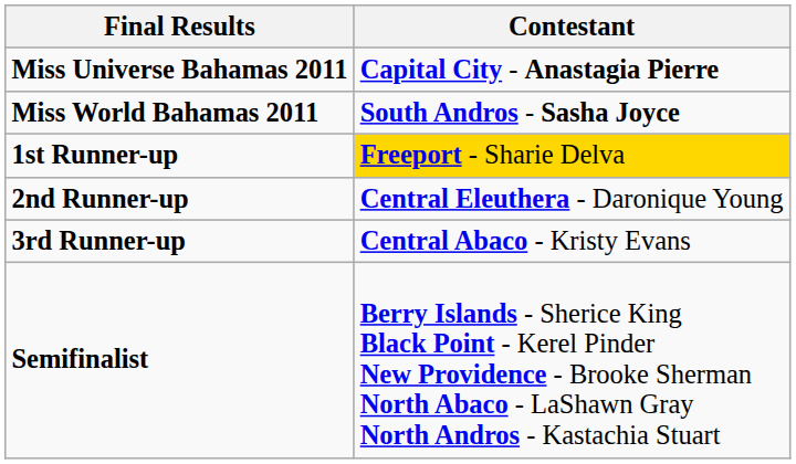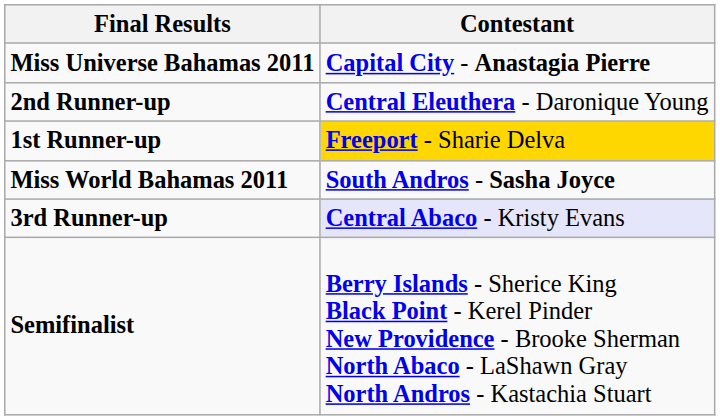 <table class="wikitable" border="1">
 <tr>
 <th>Final Results</th>
 <th>Contestant</th>
 </tr>
 <tr>
 <td><strong>Miss Universe Bahamas 2011</strong></td>
 <td><strong><a href='#'>Capital City</a></strong> - <strong>Anastagia Pierre</strong></td>
 </tr>
 <tr>
-<td><strong>Miss World Bahamas 2011</strong></td>
-<td><strong><a href='#'>South Andros</a></strong> - <strong>Sasha Joyce</strong></td>
+<td><strong>2nd Runner-up</strong></td>
+<td><strong><a href='#'>Central Eleuthera</a></strong> - Daronique Young</td>
 </tr>
 <tr>
 <td><strong>1st Runner-up</strong></td>
 <td style="background: gold;"><strong><a href='#'>Freeport</a></strong> - Sharie Delva</td>
 </tr>
 <tr>
-<td><strong>2nd Runner-up</strong></td>
-<td><strong><a href='#'>Central Eleuthera</a></strong> - Daronique Young</td>
+<td><strong>Miss World Bahamas 2011</strong></td>
+<td><strong><a href='#'>South Andros</a></strong> - <strong>Sasha Joyce</strong></td>
 </tr>
 <tr>
 <td><strong>3rd Runner-up</strong></td>
-<td><strong><a href='#'>Central Abaco</a></strong> - Kristy Evans</td>
+<td style="background: lavender;"><strong><a href='#'>Central Abaco</a></strong> - Kristy Evans</td>
 </tr>
 <tr>
 <td><strong>Semifinalist</strong></td>
 <td><br><strong><a href='#'>Berry Islands</a></strong> - Sherice King <br> <strong><a href='#'>Black Point</a></strong> - Kerel Pinder<br> <strong><a href='#'>New Providence</a></strong> - Brooke Sherman<br> <strong><a href='#'>North Abaco</a></strong> - LaShawn Gray<br> <strong><a href='#'>North Andros</a></strong> - Kastachia Stuart</td>
 </tr>
 </table>
